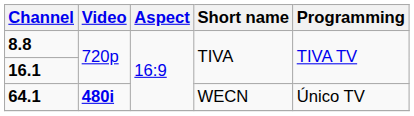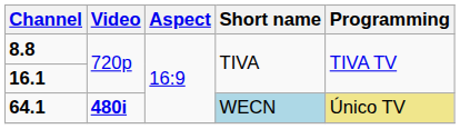 <table class="wikitable">
 <tr>
 <th><a href='#'>Channel</a></th>
 <th><a href='#'>Video</a></th>
 <th><a href='#'>Aspect</a></th>
 <th>Short name</th>
 <th>Programming</th>
 </tr>
 <tr>
 <td><strong>8.8</strong></td>
 <td rowspan=2><a href='#'>720p</a></td>
 <td rowspan="3"><a href='#'>16:9</a></td>
 <td rowspan=2>TIVA</td>
 <td rowspan=2><a href='#'>TIVA TV</a></td>
 </tr>
 <tr>
 <td><strong>16.1</strong></td>
 </tr>
 <tr>
 <td><strong>64.1</strong></td>
 <td><strong><a href='#'>480i</a></strong></td>
-<td>WECN</td>
-<td>Único TV</td>
+<td style="background: lightblue;">WECN</td>
+<td style="background: khaki;">Único TV</td>
 </tr>
 <tr>
 </tr>
 </table>
